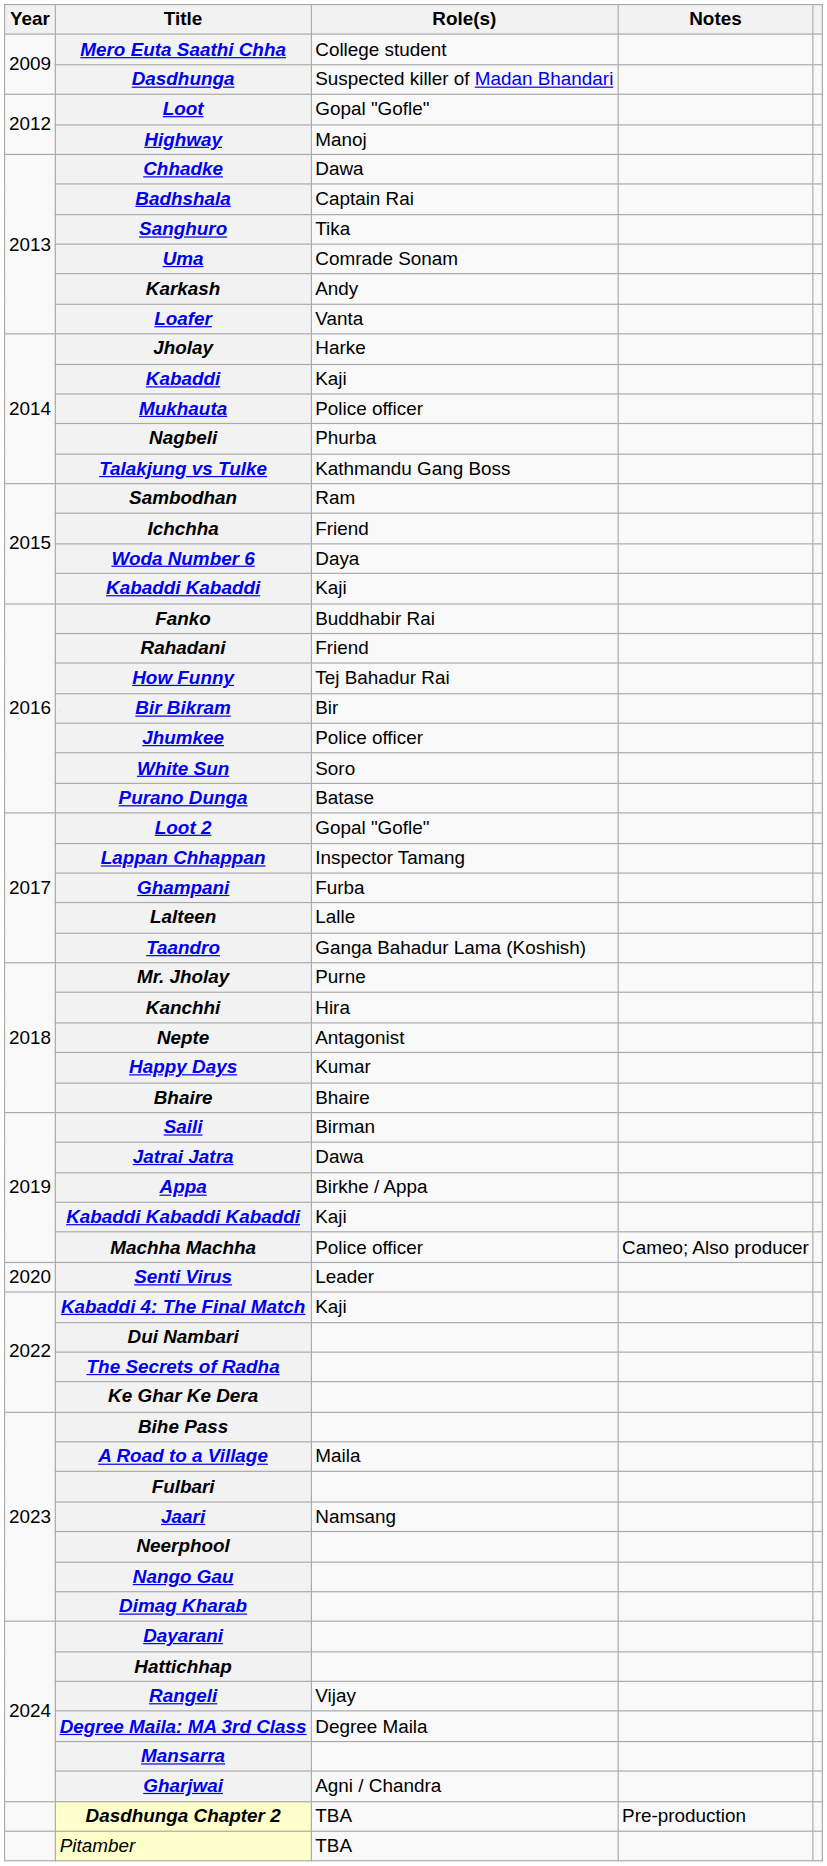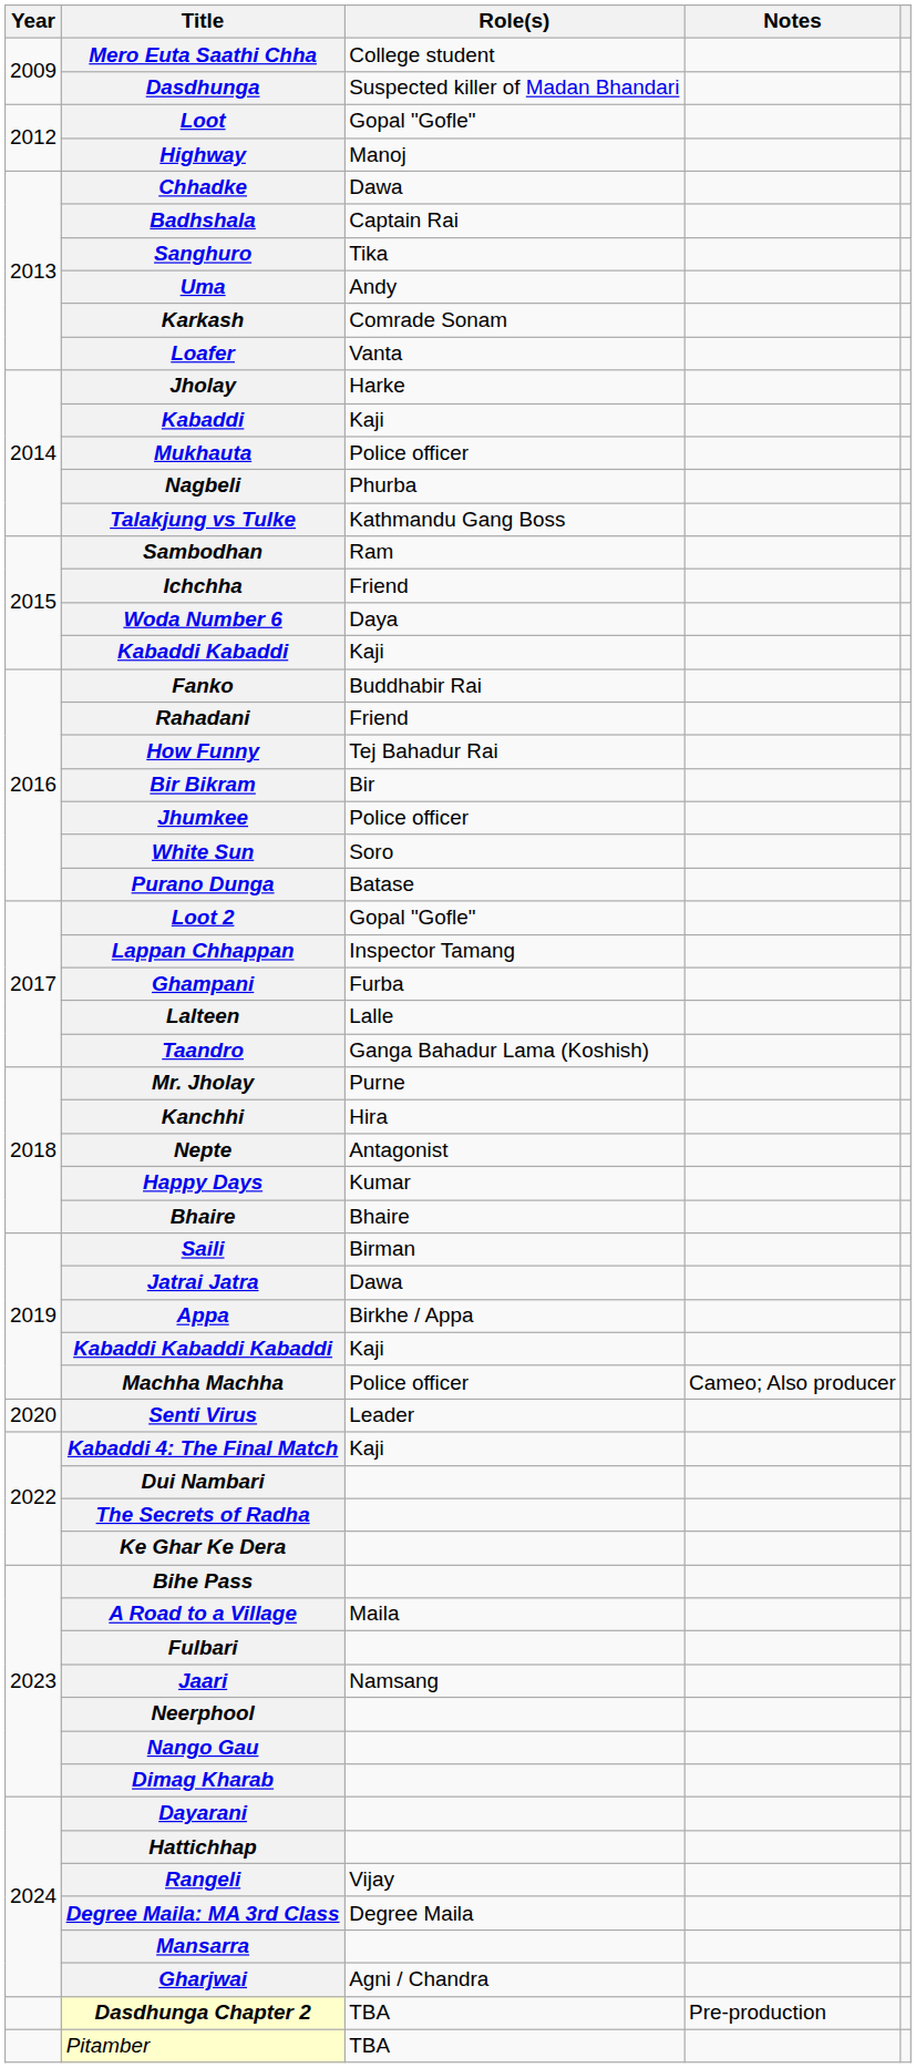 <table class="wikitable sortable plainrowheaders">
 <tr>
 <th scope="col">Year</th>
 <th scope="col">Title</th>
 <th scope="col">Role(s)</th>
 <th scope="col">Notes</th>
 <th scope="col" class="unsortable"></th>
 </tr>
 <tr>
 <td rowspan="2">2009</td>
 <th scope="row"><em><a href='#'>Mero Euta Saathi Chha</a></em></th>
 <td>College student</td>
 <td></td>
 <td style="text-align:center;"></td>
 </tr>
 <tr>
 <th scope="row"><em><a href='#'>Dasdhunga</a></em></th>
 <td>Suspected killer of <a href='#'>Madan Bhandari</a></td>
 <td></td>
 <td style="text-align:center;"></td>
 </tr>
 <tr>
 <td rowspan="2">2012</td>
 <th scope="row"><em><a href='#'>Loot</a></em></th>
 <td>Gopal "Gofle"</td>
 <td></td>
 <td style="text-align:center;"></td>
 </tr>
 <tr>
 <th scope="row"><em><a href='#'>Highway</a></em></th>
 <td>Manoj</td>
 <td></td>
 <td style="text-align:center;"></td>
 </tr>
 <tr>
 <td rowspan="6">2013</td>
 <th scope="row"><em><a href='#'>Chhadke</a></em></th>
 <td>Dawa</td>
 <td></td>
 <td style="text-align:center;"></td>
 </tr>
 <tr>
 <th scope="row"><em><a href='#'>Badhshala</a></em></th>
 <td>Captain Rai</td>
 <td></td>
 <td style="text-align:center;"></td>
 </tr>
 <tr>
 <th scope="row"><em><a href='#'>Sanghuro</a></em></th>
 <td>Tika</td>
 <td></td>
 <td style="text-align:center;"></td>
 </tr>
 <tr>
 <th scope="row"><em><a href='#'>Uma</a></em></th>
-<td>Comrade Sonam</td>
+<td>Andy</td>
 <td></td>
 <td style="text-align:center;"></td>
 </tr>
 <tr>
 <th scope="row"><em>Karkash</em></th>
-<td>Andy</td>
+<td>Comrade Sonam</td>
 <td></td>
 <td style="text-align:center;"></td>
 </tr>
 <tr>
 <th scope="row"><em><a href='#'>Loafer</a></em></th>
 <td>Vanta</td>
 <td></td>
 <td style="text-align:center;"></td>
 </tr>
 <tr>
 <td rowspan="5">2014</td>
 <th scope="row"><em>Jholay</em></th>
 <td>Harke</td>
 <td></td>
 <td style="text-align:center;"></td>
 </tr>
 <tr>
 <th scope="row"><em><a href='#'>Kabaddi</a></em></th>
 <td>Kaji</td>
 <td></td>
 <td style="text-align:center;"></td>
 </tr>
 <tr>
 <th scope="row"><em><a href='#'>Mukhauta</a></em></th>
 <td>Police officer</td>
 <td></td>
 <td style="text-align:center;"></td>
 </tr>
 <tr>
 <th scope="row"><em>Nagbeli</em></th>
 <td>Phurba</td>
 <td></td>
 <td style="text-align:center;"></td>
 </tr>
 <tr>
 <th scope="row"><em><a href='#'>Talakjung vs Tulke</a></em></th>
 <td>Kathmandu Gang Boss</td>
 <td></td>
 <td style="text-align:center;"></td>
 </tr>
 <tr>
 <td rowspan="4">2015</td>
 <th scope="row"><em>Sambodhan</em></th>
 <td>Ram</td>
 <td></td>
 <td style="text-align:center;"></td>
 </tr>
 <tr>
 <th scope="row"><em>Ichchha</em></th>
 <td>Friend</td>
 <td></td>
 <td style="text-align:center;"></td>
 </tr>
 <tr>
 <th scope="row"><em><a href='#'>Woda Number 6</a></em></th>
 <td>Daya</td>
 <td></td>
 <td style="text-align:center;"></td>
 </tr>
 <tr>
 <th scope="row"><em><a href='#'>Kabaddi Kabaddi</a></em></th>
 <td>Kaji</td>
 <td></td>
 <td style="text-align:center;"></td>
 </tr>
 <tr>
 <td rowspan="7">2016</td>
 <th scope="row"><em>Fanko</em></th>
 <td>Buddhabir Rai</td>
 <td></td>
 <td style="text-align:center;"></td>
 </tr>
 <tr>
 <th scope="row"><em>Rahadani</em></th>
 <td>Friend</td>
 <td></td>
 <td style="text-align:center;"></td>
 </tr>
 <tr>
 <th scope="row"><em><a href='#'>How Funny</a></em></th>
 <td>Tej Bahadur Rai</td>
 <td></td>
 <td style="text-align:center;"></td>
 </tr>
 <tr>
 <th scope="row"><em><a href='#'>Bir Bikram</a></em></th>
 <td>Bir</td>
 <td></td>
 <td style="text-align:center;"></td>
 </tr>
 <tr>
 <th scope="row"><em><a href='#'>Jhumkee</a></em></th>
 <td>Police officer</td>
 <td></td>
 <td style="text-align:center;"></td>
 </tr>
 <tr>
 <th scope="row"><em><a href='#'>White Sun</a></em></th>
 <td>Soro</td>
 <td></td>
 <td style="text-align:center;"></td>
 </tr>
 <tr>
 <th scope="row"><em><a href='#'>Purano Dunga</a></em></th>
 <td>Batase</td>
 <td></td>
 <td style="text-align:center;"></td>
 </tr>
 <tr>
 <td rowspan="5">2017</td>
 <th scope="row"><em><a href='#'>Loot 2</a></em></th>
 <td>Gopal "Gofle"</td>
 <td></td>
 <td style="text-align:center;"></td>
 </tr>
 <tr>
 <th scope="row"><em><a href='#'>Lappan Chhappan</a></em></th>
 <td>Inspector Tamang</td>
 <td></td>
 <td style="text-align:center;"></td>
 </tr>
 <tr>
 <th scope="row"><em><a href='#'>Ghampani</a></em></th>
 <td>Furba</td>
 <td></td>
 <td style="text-align:center;"></td>
 </tr>
 <tr>
 <th scope="row"><em>Lalteen</em></th>
 <td>Lalle</td>
 <td></td>
 <td style="text-align:center;"></td>
 </tr>
 <tr>
 <th scope="row"><em><a href='#'>Taandro</a></em></th>
 <td>Ganga Bahadur Lama (Koshish)</td>
 <td></td>
 <td style="text-align:center;"></td>
 </tr>
 <tr>
 <td rowspan="5">2018</td>
 <th scope="row"><em>Mr. Jholay</em></th>
 <td>Purne</td>
 <td></td>
 <td style="text-align:center;"></td>
 </tr>
 <tr>
 <th scope="row"><em>Kanchhi</em></th>
 <td>Hira</td>
 <td></td>
 <td style="text-align:center;"></td>
 </tr>
 <tr>
 <th scope="row"><em>Nepte</em></th>
 <td>Antagonist</td>
 <td></td>
 <td style="text-align:center;"></td>
 </tr>
 <tr>
 <th scope="row"><em><a href='#'>Happy Days</a></em></th>
 <td>Kumar</td>
 <td></td>
 <td style="text-align:center;"></td>
 </tr>
 <tr>
 <th scope="row"><em>Bhaire</em></th>
 <td>Bhaire</td>
 <td></td>
 <td style="text-align:center;"></td>
 </tr>
 <tr>
 <td rowspan="5">2019</td>
 <th scope="row"><em><a href='#'>Saili</a></em></th>
 <td>Birman</td>
 <td></td>
 <td style="text-align:center;"></td>
 </tr>
 <tr>
 <th scope="row"><em><a href='#'>Jatrai Jatra</a></em></th>
 <td>Dawa</td>
 <td></td>
 <td style="text-align:center;"></td>
 </tr>
 <tr>
 <th scope="row"><em><a href='#'>Appa</a></em></th>
 <td>Birkhe / Appa</td>
 <td></td>
 <td style="text-align:center;"></td>
 </tr>
 <tr>
 <th scope="row"><em><a href='#'>Kabaddi Kabaddi Kabaddi</a></em></th>
 <td>Kaji</td>
 <td></td>
 <td style="text-align:center;"></td>
 </tr>
 <tr>
 <th scope="row"><em>Machha Machha</em></th>
 <td>Police officer</td>
 <td>Cameo; Also producer</td>
 <td style="text-align:center;"></td>
 </tr>
 <tr>
 <td>2020</td>
 <th scope="row"><em><a href='#'>Senti Virus</a></em></th>
 <td>Leader</td>
 <td></td>
 <td style="text-align:center;"></td>
 </tr>
 <tr>
 <td rowspan="4">2022</td>
 <th scope="row"><em><a href='#'>Kabaddi 4: The Final Match</a></em></th>
 <td>Kaji</td>
 <td></td>
 <td style="text-align:center;"></td>
 </tr>
 <tr>
 <th scope="row"><em>Dui Nambari</em></th>
 <td></td>
 <td></td>
 <td></td>
 </tr>
 <tr>
 <th scope="row"><em><a href='#'>The Secrets of Radha</a></em></th>
 <td></td>
 <td></td>
 <td></td>
 </tr>
 <tr>
 <th scope="row"><em>Ke Ghar Ke Dera</em></th>
 <td></td>
 <td></td>
 <td style="text-align:center;"></td>
 </tr>
 <tr>
 <td rowspan="7">2023</td>
 <th scope="row"><em>Bihe Pass</em></th>
 <td></td>
 <td></td>
 <td style="text-align:center;"></td>
 </tr>
 <tr>
 <th scope="row"><em><a href='#'>A Road to a Village</a></em></th>
 <td>Maila</td>
 <td></td>
 <td style="text-align:center;"></td>
 </tr>
 <tr>
 <th scope="row"><em>Fulbari</em></th>
 <td></td>
 <td></td>
 <td></td>
 </tr>
 <tr>
 <th scope="row"><em><a href='#'>Jaari</a></em></th>
 <td>Namsang</td>
 <td></td>
 <td style="text-align:center;"></td>
 </tr>
 <tr>
 <th scope="row"><em>Neerphool</em></th>
 <td></td>
 <td></td>
 <td style="text-align:center;"></td>
 </tr>
 <tr>
 <th scope="row"><em><a href='#'>Nango Gau</a></em></th>
 <td></td>
 <td></td>
 <td style="text-align:center;"></td>
 </tr>
 <tr>
 <th scope="row"><em><a href='#'>Dimag Kharab</a></em></th>
 <td></td>
 <td></td>
 <td></td>
 </tr>
 <tr>
 <td rowspan="6">2024</td>
 <th scope="row"><em><a href='#'>Dayarani</a></em></th>
 <td></td>
 <td></td>
 <td style="text-align:center;"></td>
 </tr>
 <tr>
 <th scope="row"><em>Hattichhap</em></th>
 <td></td>
 <td></td>
 <td style="text-align:center;"></td>
 </tr>
 <tr>
 <th scope="row"><em><a href='#'>Rangeli</a></em></th>
 <td>Vijay</td>
 <td></td>
 <td style="text-align:center;"></td>
 </tr>
 <tr>
 <th scope="row"><em><a href='#'>Degree Maila: MA 3rd Class</a></em></th>
 <td>Degree Maila</td>
 <td></td>
 <td style="text-align:center;"></td>
 </tr>
 <tr>
 <th scope="row"><em><a href='#'>Mansarra</a></em></th>
 <td></td>
 <td></td>
 <td style="text-align:center;"></td>
 </tr>
 <tr>
 <th scope="row"><em><a href='#'>Gharjwai</a></em></th>
 <td>Agni / Chandra</td>
 <td></td>
 <td style="text-align:center;"></td>
 </tr>
 <tr>
 <td></td>
 <th scope="row"  style="background:#FFFFCC;"><em>Dasdhunga Chapter 2</em> </th>
 <td>TBA</td>
 <td>Pre-production</td>
 <td style="text-align:center;"></td>
 </tr>
 <tr>
 <td></td>
 <td !scope="row"  style="background:#FFFFCC;"><em>Pitamber</em> </td>
 <td>TBA</td>
 <td></td>
 <td></td>
 </tr>
 </table>
